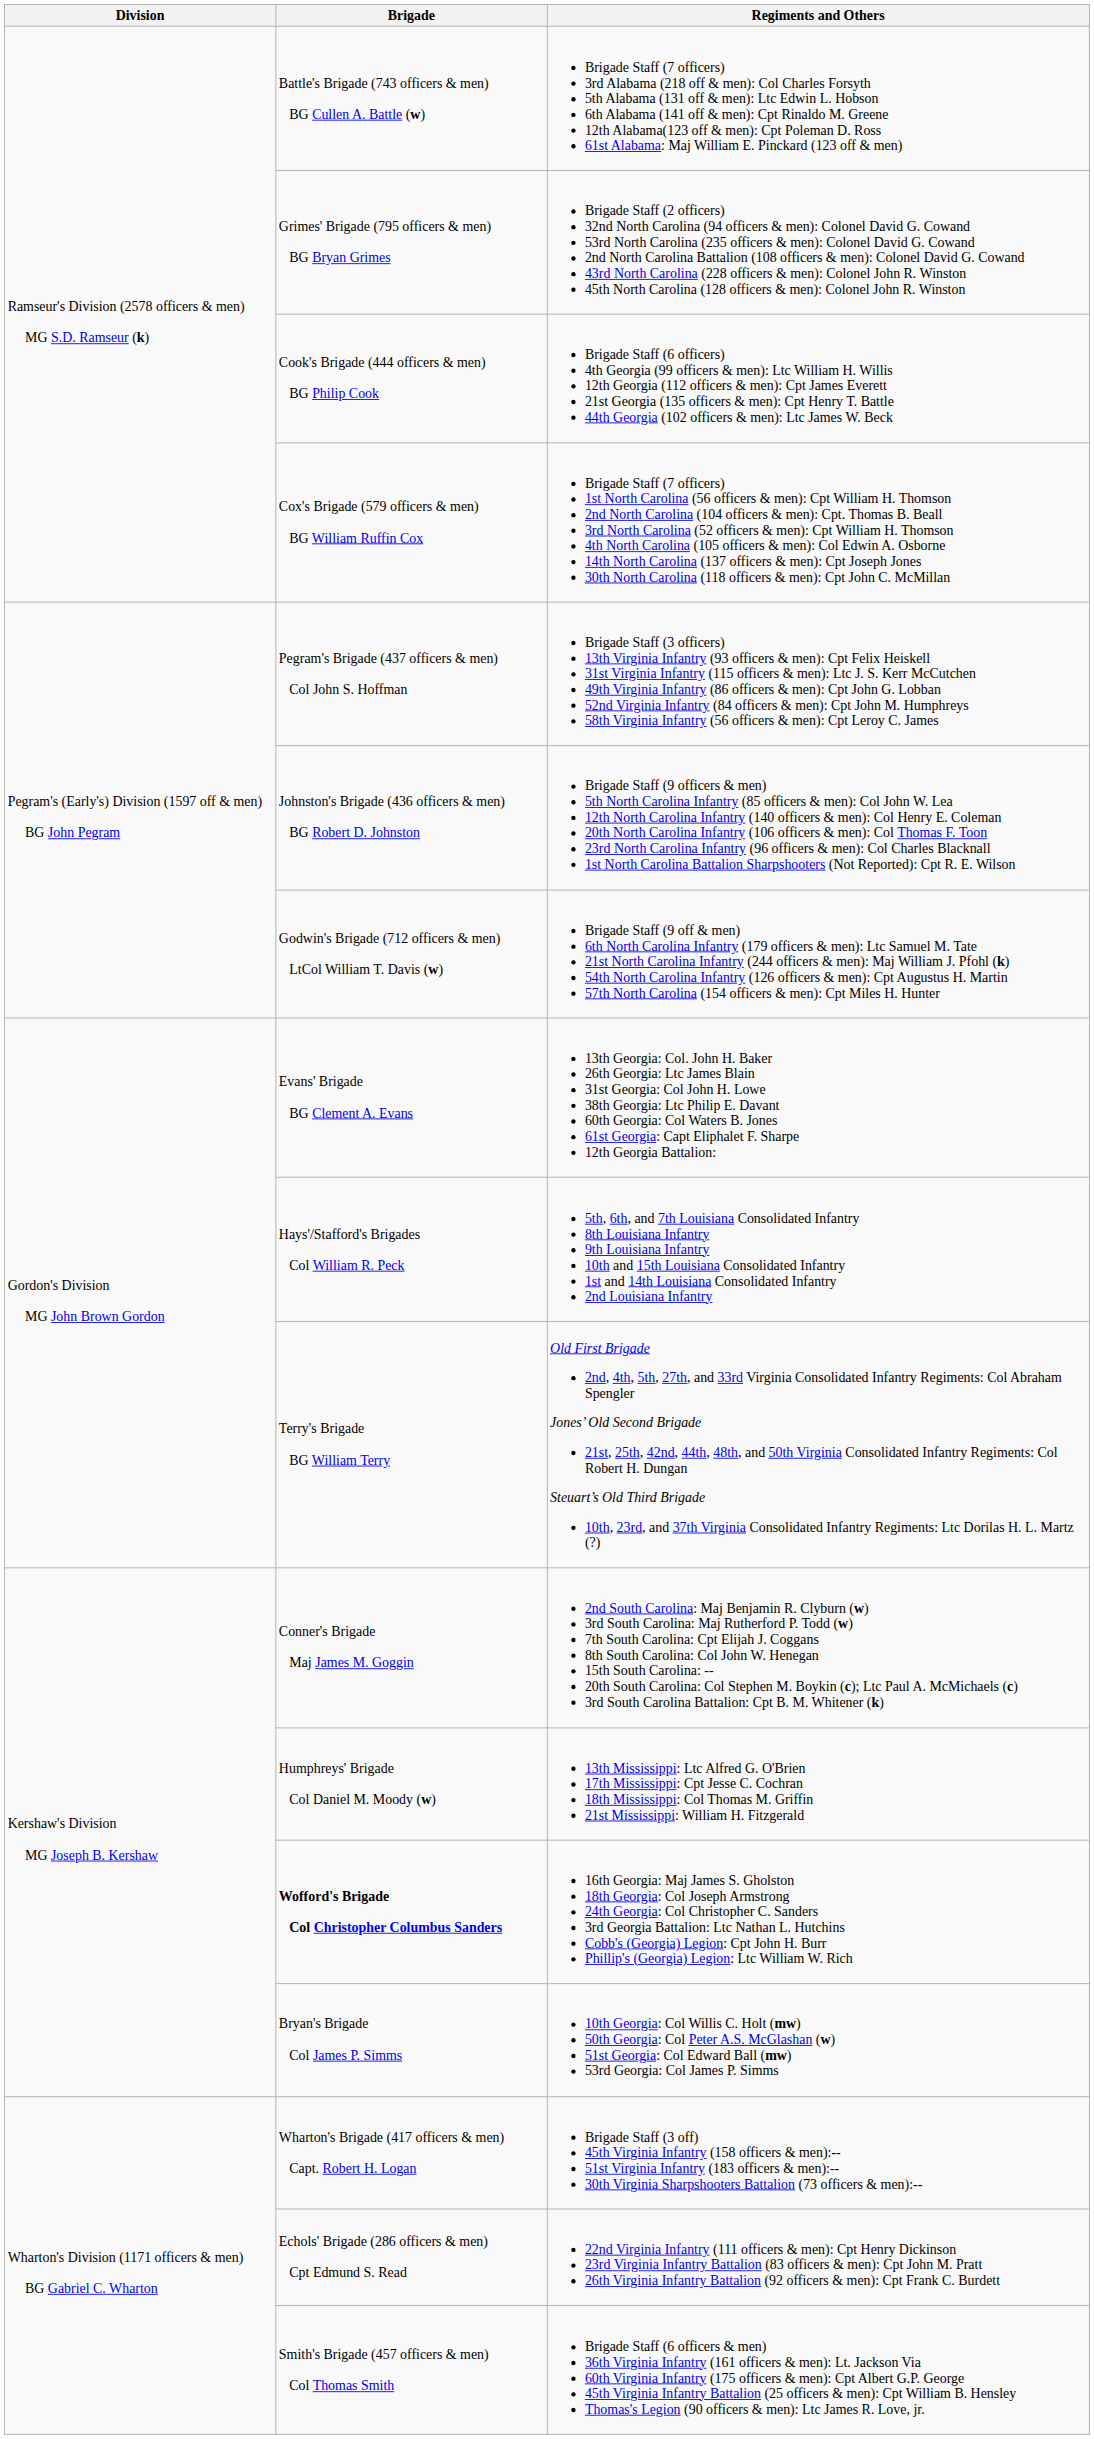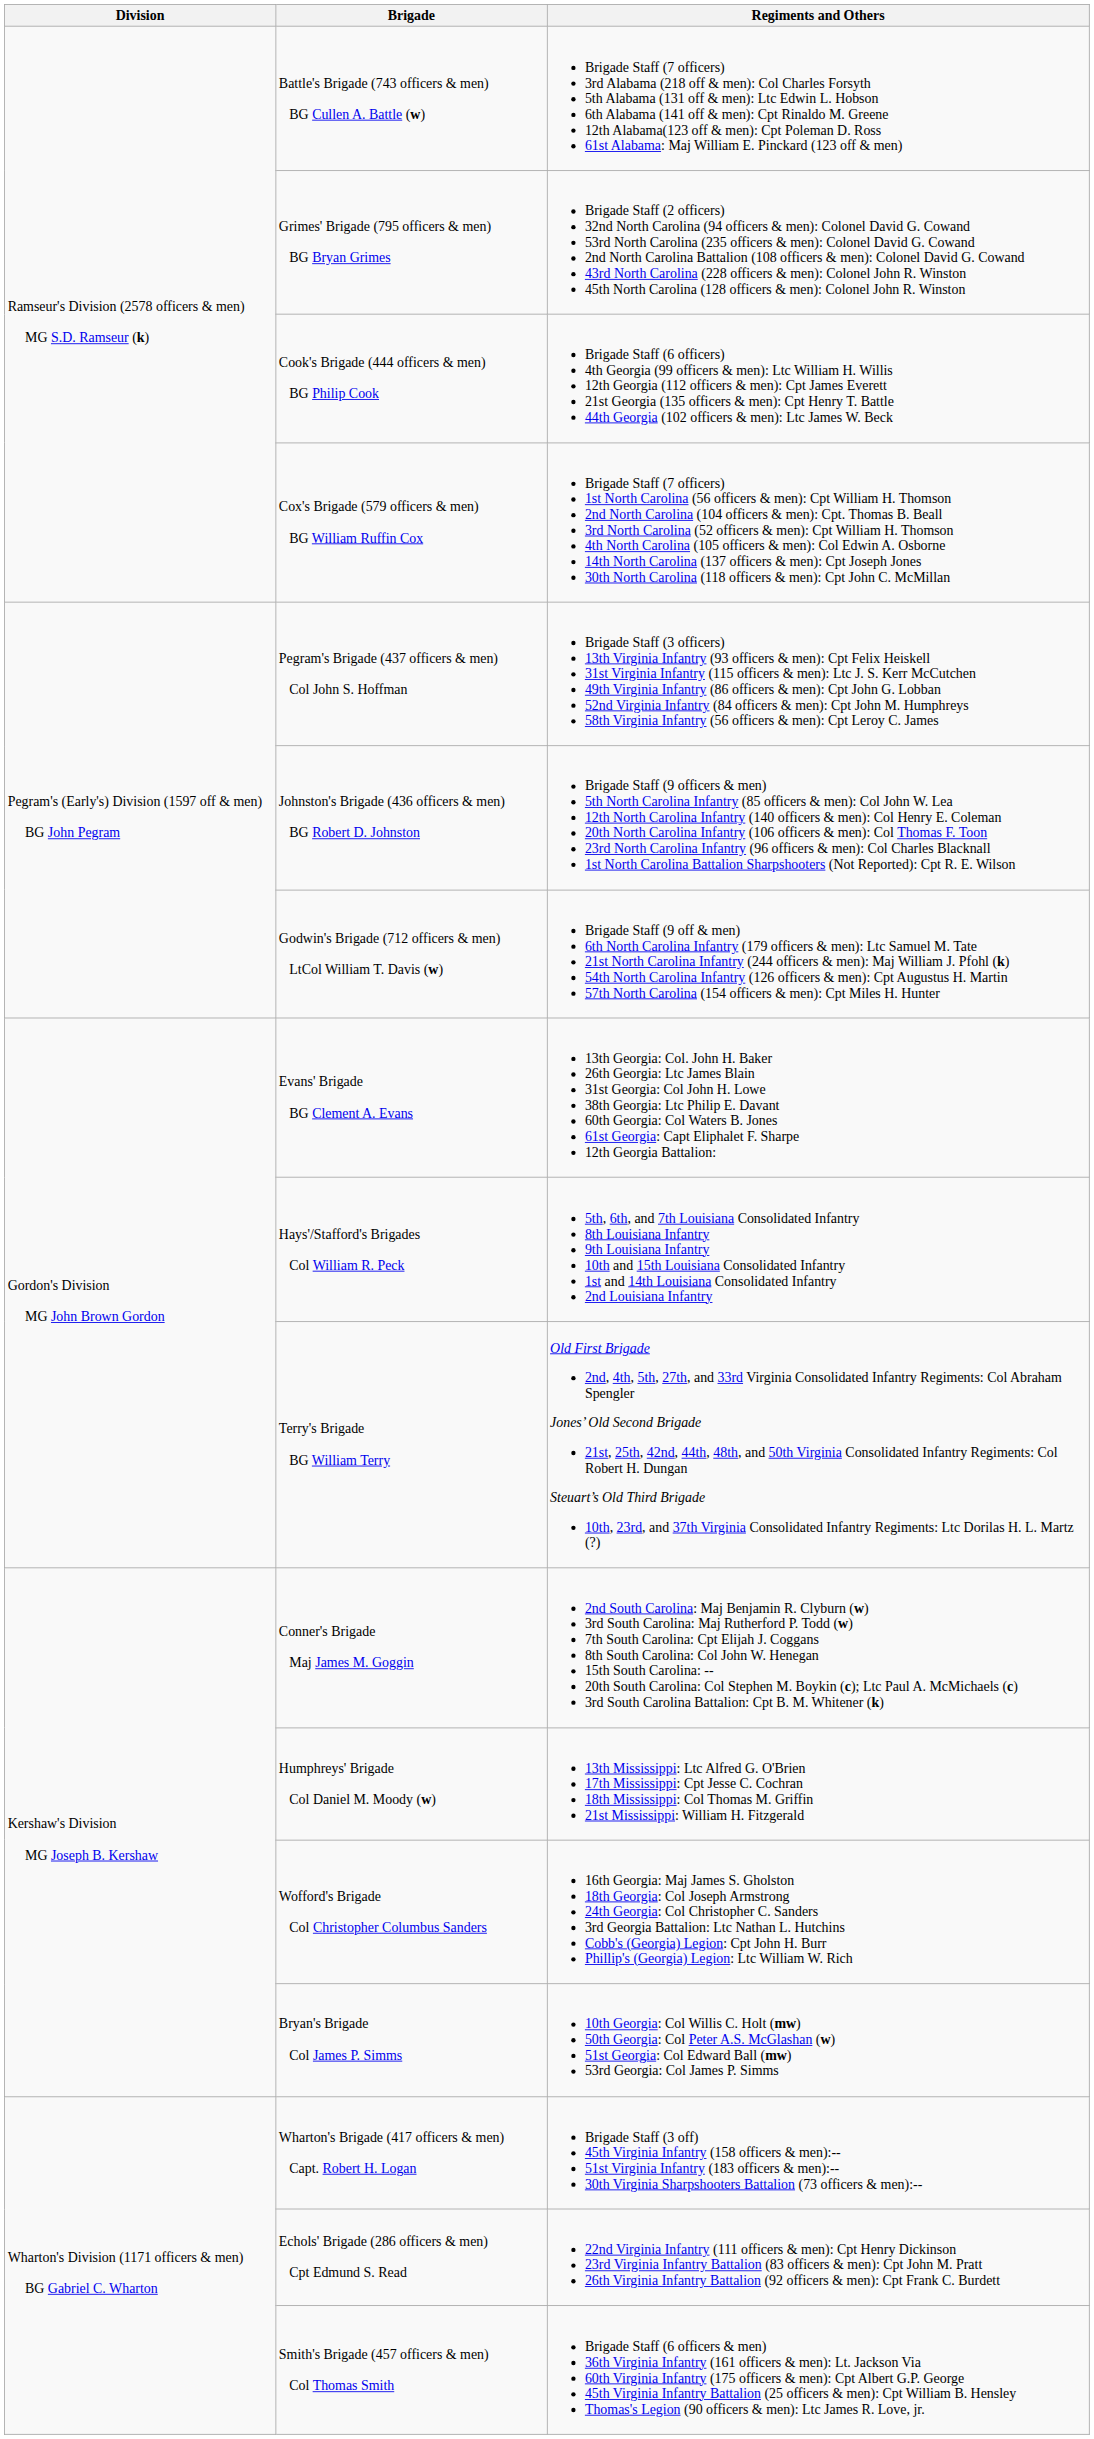 <table class="wikitable">
 <tr>
 <th width=25%>Division</th>
 <th width=25%>Brigade</th>
 <th>Regiments and Others</th>
 </tr>
 <tr>
 <td rowspan=4><br>Ramseur's Division (2578 officers & men)<br><br>     MG <a href='#'>S.D. Ramseur</a> (<strong>k</strong>)</td>
 <td>Battle's Brigade (743 officers & men)<br><br>   BG <a href='#'>Cullen A. Battle</a> (<strong>w</strong>)</td>
 <td><br><ul><li>Brigade Staff (7 officers)</li><li>3rd Alabama (218 off & men): Col Charles Forsyth</li><li>5th Alabama (131 off & men): Ltc Edwin L. Hobson</li><li>6th Alabama (141 off & men): Cpt Rinaldo M. Greene</li><li>12th Alabama(123 off & men): Cpt Poleman D. Ross</li><li><a href='#'>61st Alabama</a>: Maj William E. Pinckard (123 off & men)</li></ul></td>
 </tr>
 <tr>
 <td>Grimes' Brigade (795 officers & men)<br><br>   BG <a href='#'>Bryan Grimes</a></td>
 <td><br><ul><li>Brigade Staff (2 officers)</li><li>32nd North Carolina (94 officers & men): Colonel David G. Cowand</li><li>53rd North Carolina (235 officers & men): Colonel David G. Cowand</li><li>2nd North Carolina Battalion (108 officers & men): Colonel David G. Cowand</li><li><a href='#'>43rd North Carolina</a> (228 officers & men): Colonel John R. Winston</li><li>45th North Carolina (128 officers & men): Colonel John R. Winston</li></ul></td>
 </tr>
 <tr>
 <td>Cook's Brigade (444 officers & men)<br><br>   BG <a href='#'>Philip Cook</a></td>
 <td><br><ul><li>Brigade Staff (6 officers)</li><li>4th Georgia (99 officers & men): Ltc William H. Willis</li><li>12th Georgia (112 officers & men): Cpt James Everett</li><li>21st Georgia (135 officers & men): Cpt Henry T. Battle</li><li><a href='#'>44th Georgia</a> (102 officers & men): Ltc James W. Beck</li></ul></td>
 </tr>
 <tr>
 <td>Cox's Brigade (579 officers & men)<br><br>   BG <a href='#'>William Ruffin Cox</a></td>
 <td><br><ul><li>Brigade Staff (7 officers)</li><li><a href='#'>1st North Carolina</a> (56 officers & men): Cpt William H. Thomson</li><li><a href='#'>2nd North Carolina</a> (104 officers & men): Cpt. Thomas B. Beall</li><li><a href='#'>3rd North Carolina</a> (52 officers & men): Cpt William H. Thomson</li><li><a href='#'>4th North Carolina</a> (105 officers & men): Col Edwin A. Osborne</li><li><a href='#'>14th North Carolina</a> (137 officers & men): Cpt Joseph Jones</li><li><a href='#'>30th North Carolina</a> (118 officers & men): Cpt John C. McMillan</li></ul></td>
 </tr>
 <tr>
 <td rowspan=3><br>Pegram's (Early's) Division (1597 off & men)<br><br>     BG <a href='#'>John Pegram</a></td>
 <td>Pegram's Brigade (437 officers & men)<br><br>   Col John S. Hoffman</td>
 <td><br><ul><li>Brigade Staff (3 officers)</li><li><a href='#'>13th Virginia Infantry</a> (93 officers & men): Cpt Felix Heiskell</li><li><a href='#'>31st Virginia Infantry</a> (115 officers & men): Ltc J. S. Kerr McCutchen</li><li><a href='#'>49th Virginia Infantry</a> (86 officers & men): Cpt John G. Lobban</li><li><a href='#'>52nd Virginia Infantry</a> (84 officers & men): Cpt John M. Humphreys</li><li><a href='#'>58th Virginia Infantry</a> (56 officers & men): Cpt Leroy C. James</li></ul></td>
 </tr>
 <tr>
 <td>Johnston's Brigade (436 officers & men)<br><br>   BG <a href='#'>Robert D. Johnston</a></td>
 <td><br><ul><li>Brigade Staff (9 officers & men)</li><li><a href='#'>5th North Carolina Infantry</a> (85 officers & men): Col John W. Lea</li><li><a href='#'>12th North Carolina Infantry</a> (140 officers & men): Col Henry E. Coleman</li><li><a href='#'>20th North Carolina Infantry</a> (106 officers & men): Col <a href='#'>Thomas F. Toon</a></li><li><a href='#'>23rd North Carolina Infantry</a> (96 officers & men): Col Charles Blacknall</li><li><a href='#'>1st North Carolina Battalion Sharpshooters</a> (Not Reported): Cpt R. E. Wilson</li></ul></td>
 </tr>
 <tr>
 <td>Godwin's Brigade (712 officers & men)<br><br>   LtCol William T. Davis (<strong>w</strong>)</td>
 <td><br><ul><li>Brigade Staff (9 off & men)</li><li><a href='#'>6th North Carolina Infantry</a> (179 officers & men): Ltc Samuel M. Tate</li><li><a href='#'>21st North Carolina Infantry</a> (244 officers & men): Maj William J. Pfohl (<strong>k</strong>)</li><li><a href='#'>54th North Carolina Infantry</a> (126 officers & men): Cpt Augustus H. Martin</li><li><a href='#'>57th North Carolina</a> (154 officers & men): Cpt Miles H. Hunter</li></ul></td>
 </tr>
 <tr>
 <td rowspan=3><br>Gordon's Division<br><br>     MG <a href='#'>John Brown Gordon</a></td>
 <td>Evans' Brigade<br><br>   BG <a href='#'>Clement A. Evans</a></td>
 <td><br><ul><li>13th Georgia: Col. John H. Baker</li><li>26th Georgia: Ltc James Blain</li><li>31st Georgia: Col John H. Lowe</li><li>38th Georgia: Ltc Philip E. Davant</li><li>60th Georgia: Col Waters B. Jones</li><li><a href='#'>61st Georgia</a>: Capt Eliphalet F. Sharpe</li><li>12th Georgia Battalion:</li></ul></td>
 </tr>
 <tr>
 <td>Hays'/Stafford's Brigades<br><br>   Col <a href='#'>William R. Peck</a></td>
 <td><br><ul><li><a href='#'>5th</a>, <a href='#'>6th</a>, and <a href='#'>7th Louisiana</a> Consolidated Infantry</li><li><a href='#'>8th Louisiana Infantry</a></li><li><a href='#'>9th Louisiana Infantry</a></li><li><a href='#'>10th</a> and <a href='#'>15th Louisiana</a> Consolidated Infantry</li><li><a href='#'>1st</a> and <a href='#'>14th Louisiana</a> Consolidated Infantry</li><li><a href='#'>2nd Louisiana Infantry</a></li></ul></td>
 </tr>
 <tr>
 <td>Terry's Brigade<br><br>   BG <a href='#'>William Terry</a></td>
 <td><br><em><a href='#'>Old First Brigade</a></em><ul><li><a href='#'>2nd</a>, <a href='#'>4th</a>, <a href='#'>5th</a>, <a href='#'>27th</a>, and <a href='#'>33rd</a> Virginia Consolidated Infantry Regiments: Col Abraham Spengler</li></ul><em>Jones’ Old Second Brigade</em><ul><li><a href='#'>21st</a>, <a href='#'>25th</a>, <a href='#'>42nd</a>, <a href='#'>44th</a>, <a href='#'>48th</a>, and <a href='#'>50th Virginia</a> Consolidated Infantry Regiments: Col Robert H. Dungan</li></ul><em>Steuart’s Old Third Brigade</em><ul><li><a href='#'>10th</a>, <a href='#'>23rd</a>, and <a href='#'>37th Virginia</a> Consolidated Infantry Regiments: Ltc Dorilas H. L. Martz (?)</li></ul></td>
 </tr>
 <tr>
 <td rowspan=4><br>Kershaw's Division<br><br>     MG <a href='#'>Joseph B. Kershaw</a></td>
 <td>Conner's Brigade<br><br>   Maj <a href='#'>James M. Goggin</a></td>
 <td><br><ul><li><a href='#'>2nd South Carolina</a>: Maj Benjamin R. Clyburn (<strong>w</strong>)</li><li>3rd South Carolina: Maj Rutherford P. Todd (<strong>w</strong>)</li><li>7th South Carolina: Cpt Elijah J. Coggans</li><li>8th South Carolina: Col John W. Henegan</li><li>15th South Carolina: --</li><li>20th South Carolina: Col Stephen M. Boykin (<strong>c</strong>); Ltc Paul A. McMichaels (<strong>c</strong>)</li><li>3rd South Carolina Battalion: Cpt B. M. Whitener (<strong>k</strong>)</li></ul></td>
 </tr>
 <tr>
 <td>Humphreys' Brigade<br><br>   Col Daniel M. Moody (<strong>w</strong>)</td>
 <td><br><ul><li><a href='#'>13th Mississippi</a>: Ltc Alfred G. O'Brien</li><li><a href='#'>17th Mississippi</a>: Cpt Jesse C. Cochran</li><li><a href='#'>18th Mississippi</a>: Col Thomas M. Griffin</li><li><a href='#'>21st Mississippi</a>: William H. Fitzgerald</li></ul></td>
 </tr>
 <tr>
-<td><strong>Wofford's Brigade<br><br>   Col <a href='#'>Christopher Columbus Sanders</a></strong></td>
+<td>Wofford's Brigade<br><br>   Col <a href='#'>Christopher Columbus Sanders</a></td>
 <td><br><ul><li>16th Georgia: Maj James S. Gholston</li><li><a href='#'>18th Georgia</a>: Col Joseph Armstrong</li><li><a href='#'>24th Georgia</a>: Col Christopher C. Sanders</li><li>3rd Georgia Battalion: Ltc Nathan L. Hutchins</li><li><a href='#'>Cobb's (Georgia) Legion</a>: Cpt John H. Burr</li><li><a href='#'>Phillip's (Georgia) Legion</a>: Ltc William W. Rich</li></ul></td>
 </tr>
 <tr>
 <td>Bryan's Brigade<br><br>   Col <a href='#'>James P. Simms</a></td>
 <td><br><ul><li><a href='#'>10th Georgia</a>: Col Willis C. Holt (<strong>mw</strong>)</li><li><a href='#'>50th Georgia</a>: Col <a href='#'>Peter A.S. McGlashan</a> (<strong>w</strong>)</li><li><a href='#'>51st Georgia</a>: Col Edward Ball (<strong>mw</strong>)</li><li>53rd Georgia: Col James P. Simms</li></ul></td>
 </tr>
 <tr>
 <td rowspan=3><br>Wharton's Division (1171 officers & men)<br><br>     BG <a href='#'>Gabriel C. Wharton</a></td>
 <td>Wharton's Brigade (417 officers & men)<br><br>   Capt. <a href='#'>Robert H. Logan</a></td>
 <td><br><ul><li>Brigade Staff (3 off)</li><li><a href='#'>45th Virginia Infantry</a> (158 officers & men):--</li><li><a href='#'>51st Virginia Infantry</a> (183 officers & men):--</li><li><a href='#'>30th Virginia Sharpshooters Battalion</a> (73 officers & men):--</li></ul></td>
 </tr>
 <tr>
 <td>Echols' Brigade (286 officers & men)<br><br>   Cpt Edmund S. Read</td>
 <td><br><ul><li><a href='#'>22nd Virginia Infantry</a> (111 officers & men): Cpt Henry Dickinson</li><li><a href='#'>23rd Virginia Infantry Battalion</a> (83 officers & men): Cpt John M. Pratt</li><li><a href='#'>26th Virginia Infantry Battalion</a> (92 officers & men): Cpt Frank C. Burdett</li></ul></td>
 </tr>
 <tr>
 <td>Smith's Brigade (457 officers & men)<br><br>   Col <a href='#'>Thomas Smith</a></td>
 <td><br><ul><li>Brigade Staff (6 officers & men)</li><li><a href='#'>36th Virginia Infantry</a> (161 officers & men): Lt. Jackson Via</li><li><a href='#'>60th Virginia Infantry</a> (175 officers & men): Cpt Albert G.P. George</li><li><a href='#'>45th Virginia Infantry Battalion</a> (25 officers & men): Cpt William B. Hensley</li><li><a href='#'>Thomas's Legion</a> (90 officers & men): Ltc James R. Love, jr.</li></ul></td>
 </tr>
 </table>
